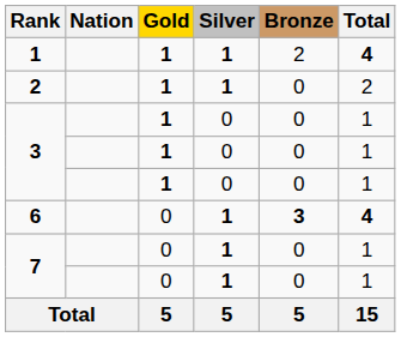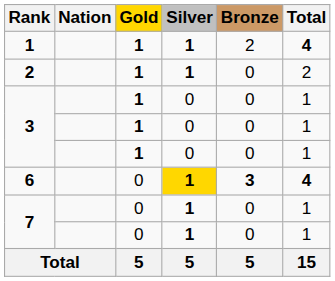 <table class="wikitable plainrowheaders" style="text-align:center;">
 <tr>
 <th>Rank</th>
 <th>Nation</th>
 <th style="background:    gold;">Gold</th>
 <th style="background:  silver;">Silver</th>
 <th style="background: #CC9966;">Bronze</th>
 <th>Total</th>
 </tr>
 <tr>
 <td><strong>1</strong></td>
 <td align=left></td>
 <td><strong>1</strong></td>
 <td><strong>1</strong></td>
 <td>2</td>
 <td><strong>4</strong></td>
 </tr>
 <tr>
 <td><strong>2</strong></td>
 <td align=left></td>
 <td><strong>1</strong></td>
 <td><strong>1</strong></td>
 <td>0</td>
 <td>2</td>
 </tr>
 <tr>
 <td rowspan=3><strong>3</strong></td>
 <td align=left></td>
 <td><strong>1</strong></td>
 <td>0</td>
 <td>0</td>
 <td>1</td>
 </tr>
 <tr>
 <td align=left></td>
 <td><strong>1</strong></td>
 <td>0</td>
 <td>0</td>
 <td>1</td>
 </tr>
 <tr>
 <td align=left></td>
 <td><strong>1</strong></td>
 <td>0</td>
 <td>0</td>
 <td>1</td>
 </tr>
 <tr>
 <td><strong>6</strong></td>
 <td align=left></td>
 <td>0</td>
-<td><strong>1</strong></td>
+<td style="background: gold;"><strong>1</strong></td>
 <td><strong>3</strong></td>
 <td><strong>4</strong></td>
 </tr>
 <tr>
 <td rowspan=2><strong>7</strong></td>
 <td align=left></td>
 <td>0</td>
 <td><strong>1</strong></td>
 <td>0</td>
 <td>1</td>
 </tr>
 <tr>
 <td align=left></td>
 <td>0</td>
 <td><strong>1</strong></td>
 <td>0</td>
 <td>1</td>
 </tr>
 <tr>
 <th colspan=2>Total</th>
 <th>5</th>
 <th>5</th>
 <th>5</th>
 <th>15</th>
 </tr>
 </table>
